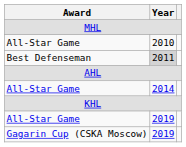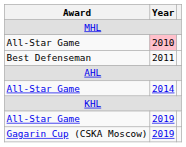 <table class="wikitable">
 <tr>
 <th>Award</th>
 <th>Year</th>
 <th></th>
 </tr>
 <tr ALIGN="center" bgcolor="#e0e0e0">
 <td colspan="3"><a href='#'>MHL</a></td>
 </tr>
 <tr>
 <td>All-Star Game</td>
-<td>2010</td>
+<td style="background: pink;">2010</td>
 <td></td>
 </tr>
 <tr>
 <td>Best Defenseman</td>
-<td style="background: lightgrey;">2011</td>
+<td>2011</td>
 <td></td>
 </tr>
 <tr ALIGN="center" bgcolor="#e0e0e0">
 <td colspan="3"><a href='#'>AHL</a></td>
 </tr>
 <tr>
 <td><a href='#'>All-Star Game</a></td>
 <td><a href='#'>2014</a></td>
 <td></td>
 </tr>
 <tr ALIGN="center" bgcolor="#e0e0e0">
 <td colspan="3"><a href='#'>KHL</a></td>
 </tr>
 <tr>
 <td><a href='#'>All-Star Game</a></td>
 <td><a href='#'>2019</a></td>
 <td></td>
 </tr>
 <tr>
 <td><a href='#'>Gagarin Cup</a> (CSKA Moscow)</td>
 <td><a href='#'>2019</a></td>
 <td></td>
 </tr>
 </table>
